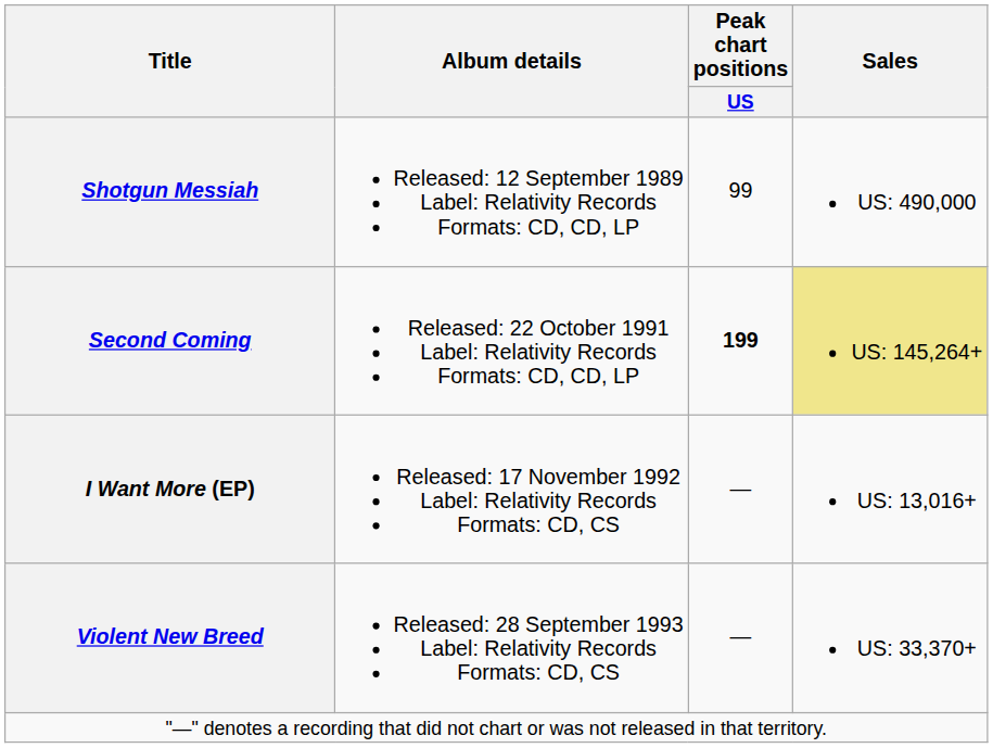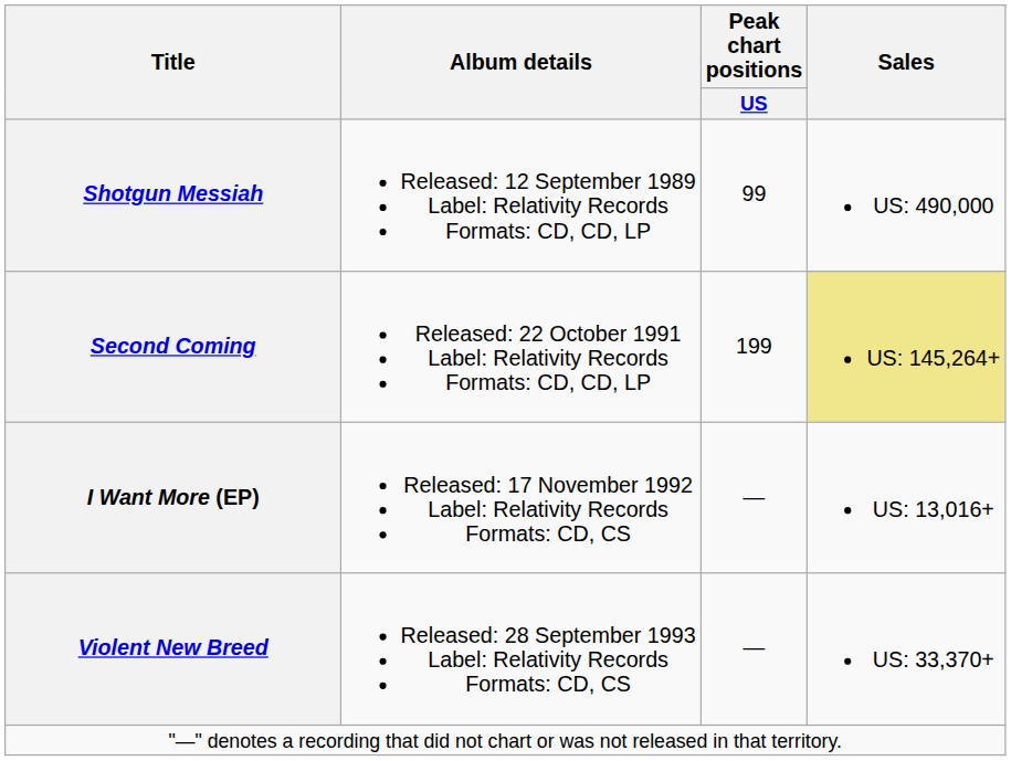 <table class="wikitable plainrowheaders" style="text-align:center;">
 <tr>
 <th scope="col" rowspan="2" style="width:15em;">Title</th>
 <th scope="col" rowspan="2">Album details</th>
 <th scope="col" colspan="1">Peak chart positions</th>
 <th scope="col" rowspan="2">Sales</th>
 </tr>
 <tr>
 <th scope="col" style="width:3em;font-size:90%;"><a href='#'>US</a><br></th>
 </tr>
 <tr>
 <th scope="row"><em><a href='#'>Shotgun Messiah</a></em></th>
 <td><br><ul><li>Released: 12 September 1989</li><li>Label: Relativity Records</li><li>Formats: CD, CD, LP</li></ul></td>
 <td>99</td>
 <td><br><ul><li>US: 490,000</li></ul></td>
 </tr>
 <tr>
 <th scope="row"><em><a href='#'>Second Coming</a></em></th>
 <td><br><ul><li>Released: 22 October 1991</li><li>Label: Relativity Records</li><li>Formats: CD, CD, LP</li></ul></td>
-<td><strong>199</strong></td>
+<td>199</td>
 <td style="background: khaki;"><br><ul><li>US: 145,264+</li></ul></td>
 </tr>
 <tr>
 <th scope="row"><em>I Want More</em> (EP)</th>
 <td><br><ul><li>Released: 17 November 1992</li><li>Label: Relativity Records</li><li>Formats: CD, CS</li></ul></td>
 <td>—</td>
 <td><br><ul><li>US: 13,016+</li></ul></td>
 </tr>
 <tr>
 <th scope="row"><em><a href='#'>Violent New Breed</a></em></th>
 <td><br><ul><li>Released: 28 September 1993</li><li>Label: Relativity Records</li><li>Formats: CD, CS</li></ul></td>
 <td>—</td>
 <td><br><ul><li>US: 33,370+</li></ul></td>
 </tr>
 <tr>
 <td colspan="10" style="font-size:90%">"—" denotes a recording that did not chart or was not released in that territory.</td>
 </tr>
 </table>
